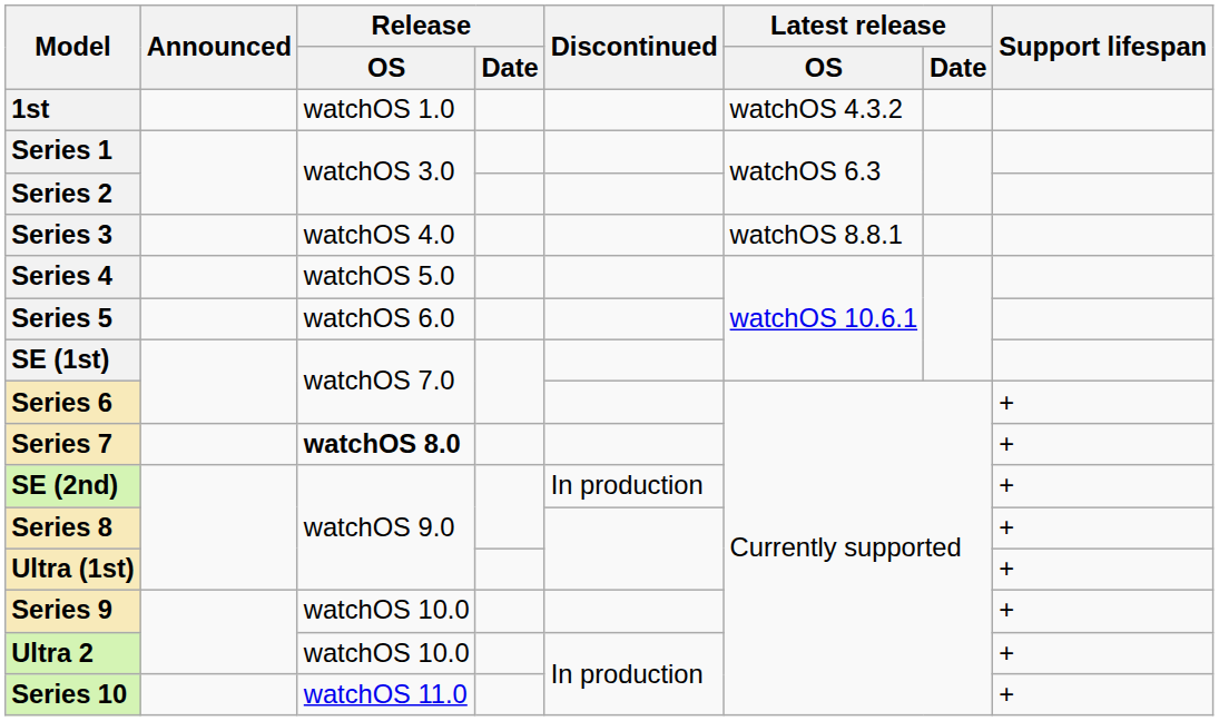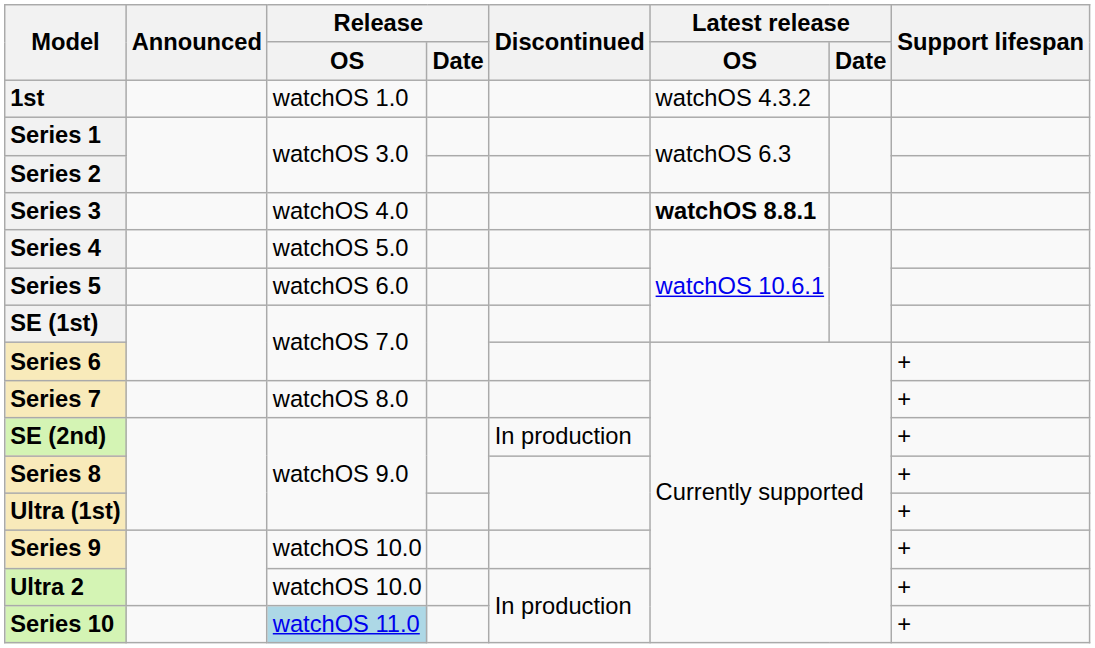 <table class="wikitable">
 <tr>
 <th scope="col" rowspan="2">Model</th>
 <th scope="col" rowspan="2">Announced</th>
 <th scope="colgroup" colspan="2">Release</th>
 <th scope="col" rowspan="2">Discontinued</th>
 <th scope="colgroup" colspan="2">Latest release</th>
 <th scope="col" rowspan="2">Support lifespan</th>
 </tr>
 <tr>
 <th scope="col">OS</th>
 <th scope="col">Date</th>
 <th scope="col">OS</th>
 <th scope="col">Date</th>
 </tr>
 <tr>
 <th style="text-align:left;">1st</th>
 <td></td>
 <td>watchOS 1.0</td>
 <td></td>
 <td></td>
 <td>watchOS 4.3.2</td>
 <td></td>
 <td></td>
 </tr>
 <tr>
 <th style="text-align:left;">Series 1</th>
 <td rowspan="2"></td>
 <td rowspan="2">watchOS 3.0</td>
 <td></td>
 <td></td>
 <td rowspan="2">watchOS 6.3</td>
 <td rowspan="2"></td>
 <td></td>
 </tr>
 <tr>
 <th style="text-align:left;">Series 2</th>
 <td></td>
 <td></td>
 <td></td>
 </tr>
 <tr>
 <th style="text-align:left;">Series 3</th>
 <td></td>
 <td>watchOS 4.0</td>
 <td></td>
 <td></td>
-<td>watchOS 8.8.1</td>
+<td><strong>watchOS 8.8.1</strong></td>
 <td></td>
 <td></td>
 </tr>
 <tr>
 <th style="text-align:left;">Series 4</th>
 <td></td>
 <td>watchOS 5.0</td>
 <td></td>
 <td></td>
 <td rowspan="3"><a href='#'>watchOS 10.6.1</a></td>
 <td rowspan="3"></td>
 <td></td>
 </tr>
 <tr>
 <th style="text-align:left;">Series 5</th>
 <td></td>
 <td>watchOS 6.0</td>
 <td></td>
 <td></td>
 <td></td>
 </tr>
 <tr>
 <th style="text-align:left;">SE (1st)</th>
 <td rowspan="2"></td>
 <td rowspan="2">watchOS 7.0</td>
 <td rowspan="2"></td>
 <td></td>
 <td></td>
 </tr>
 <tr>
 <th style="background:#f8eaba;text-align:left;">Series 6</th>
 <td></td>
 <td colspan="2" rowspan="8">Currently supported</td>
 <td> +</td>
 </tr>
 <tr>
 <th style="background:#f8eaba;text-align:left;">Series 7</th>
 <td></td>
-<td><strong>watchOS 8.0</strong></td>
+<td>watchOS 8.0</td>
 <td></td>
 <td></td>
 <td> +</td>
 </tr>
 <tr>
 <th style="background:#d4f4b4;text-align:left;">SE (2nd)</th>
 <td rowspan="3"></td>
 <td rowspan="3">watchOS 9.0</td>
 <td rowspan="2"></td>
 <td>In production</td>
 <td> +</td>
 </tr>
 <tr>
 <th style="background:#f8eaba;text-align:left;">Series 8</th>
 <td rowspan="2"></td>
 <td> +</td>
 </tr>
 <tr>
 <th style="background:#f8eaba;text-align:left;">Ultra (1st)</th>
 <td></td>
 <td> +</td>
 </tr>
 <tr>
 <th style="background:#f8eaba;text-align:left;">Series 9</th>
 <td rowspan="2"></td>
 <td>watchOS 10.0</td>
 <td></td>
 <td></td>
 <td> +</td>
 </tr>
 <tr>
 <th style="background:#d4f4b4;text-align:left;">Ultra 2</th>
 <td>watchOS 10.0</td>
 <td></td>
 <td rowspan="2">In production</td>
 <td> +</td>
 </tr>
 <tr>
 <th style="background:#d4f4b4;text-align:left;">Series 10</th>
 <td></td>
-<td><a href='#'>watchOS 11.0</a></td>
+<td style="background: lightblue;"><a href='#'>watchOS 11.0</a></td>
 <td></td>
 <td> +</td>
 </tr>
 </table>
